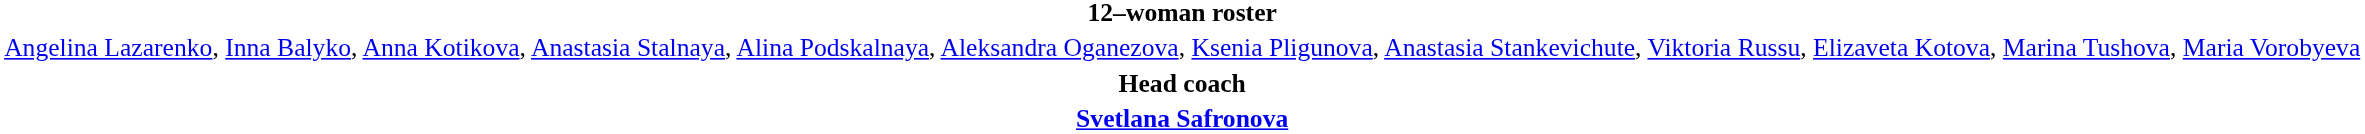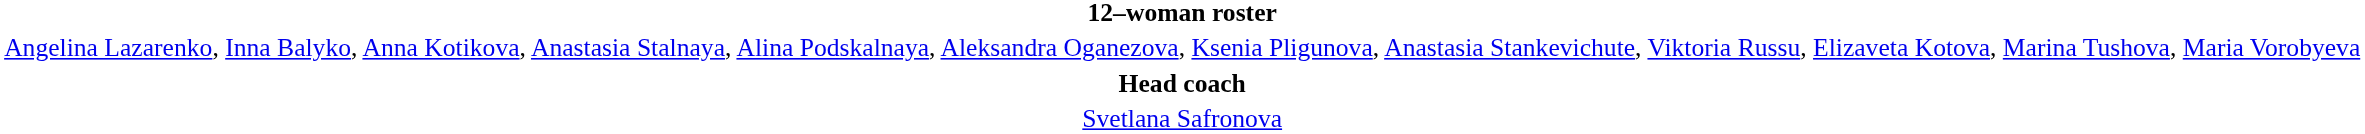 <table style="text-align: center; margin-top: 2em; margin-left: auto; margin-right: auto">
 <tr>
 <td><strong>12–woman roster</strong></td>
 </tr>
 <tr>
 <td><a href='#'>Angelina Lazarenko</a>, <a href='#'>Inna Balyko</a>, <a href='#'>Anna Kotikova</a>, <a href='#'>Anastasia Stalnaya</a>, <a href='#'>Alina Podskalnaya</a>, <a href='#'>Aleksandra Oganezova</a>, <a href='#'>Ksenia Pligunova</a>, <a href='#'>Anastasia Stankevichute</a>, <a href='#'>Viktoria Russu</a>, <a href='#'>Elizaveta Kotova</a>, <a href='#'>Marina Tushova</a>, <a href='#'>Maria Vorobyeva</a></td>
 </tr>
 <tr>
 <td><strong>Head coach</strong></td>
 </tr>
 <tr>
-<td><strong><a href='#'>Svetlana Safronova</a></strong></td>
+<td><a href='#'>Svetlana Safronova</a></td>
 </tr>
 </table>
